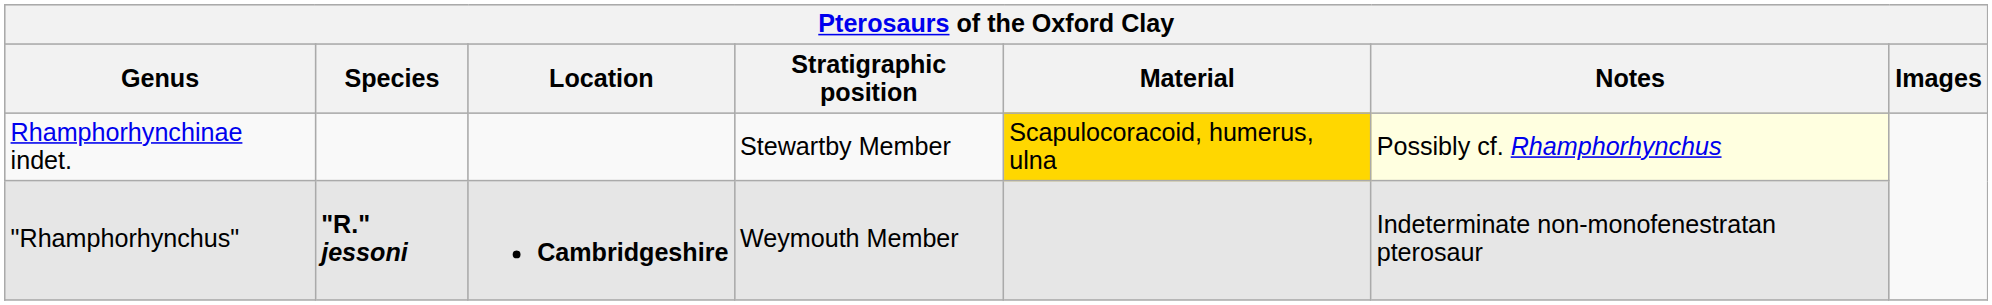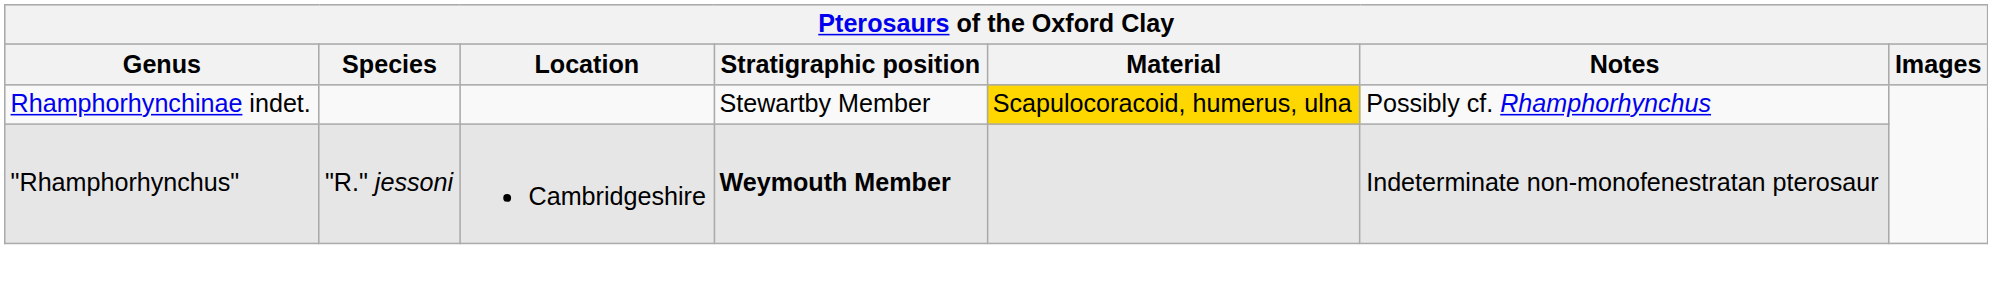 <table class="wikitable"  style="margin:auto; width:100%;">
 <tr>
 <th colspan="7" style="text-align:center;"><strong><a href='#'>Pterosaurs</a> of the Oxford Clay</strong></th>
 </tr>
 <tr>
 <th>Genus</th>
 <th>Species</th>
 <th>Location</th>
 <th>Stratigraphic position</th>
 <th>Material</th>
 <th>Notes</th>
 <th>Images</th>
 </tr>
 <tr>
 <td><a href='#'>Rhamphorhynchinae</a> indet.</td>
 <td></td>
 <td></td>
 <td>Stewartby Member</td>
 <td style="background: gold;">Scapulocoracoid, humerus, ulna</td>
-<td style="background: lightyellow;">Possibly cf. <em><a href='#'>Rhamphorhynchus</a></em></td>
+<td>Possibly cf. <em><a href='#'>Rhamphorhynchus</a></em></td>
 </tr>
 <tr>
 <td style="background:#E6E6E6;">"Rhamphorhynchus"</td>
-<td style="background:#E6E6E6;"><strong>"R." <em>jessoni</em></strong></td>
-<td style="background:#E6E6E6;"><strong><br><ul><li>Cambridgeshire</li></ul></strong></td>
-<td style="background:#E6E6E6;">Weymouth Member</td>
+<td style="background:#E6E6E6;">"R." <em>jessoni</em></td>
+<td style="background:#E6E6E6;"><br><ul><li>Cambridgeshire</li></ul></td>
+<td style="background:#E6E6E6;"><strong>Weymouth Member</strong></td>
 <td style="background:#E6E6E6;"></td>
 <td style="background:#E6E6E6;">Indeterminate non-monofenestratan pterosaur</td>
 </tr>
 </table>
